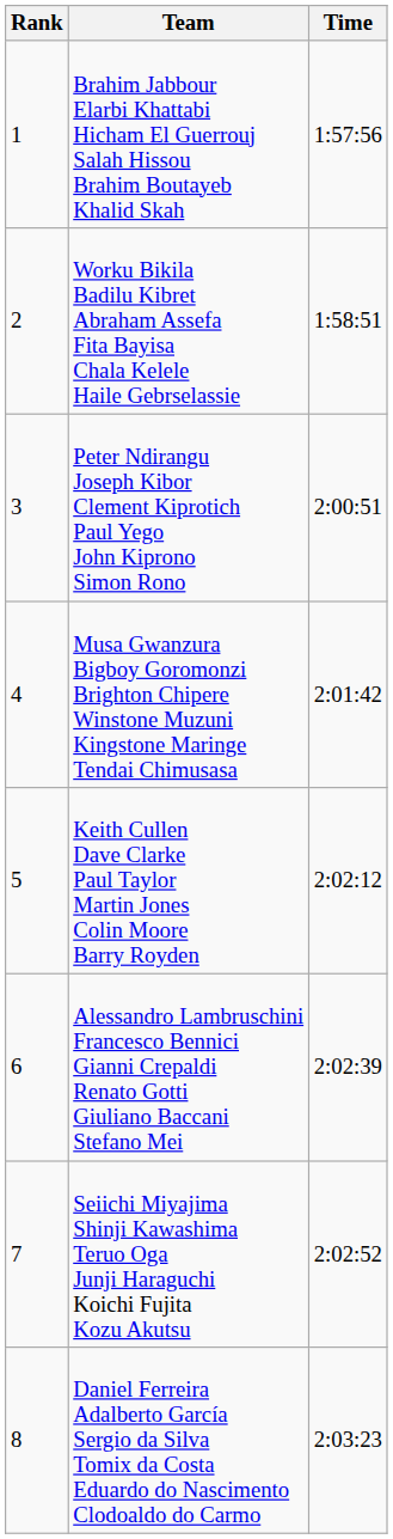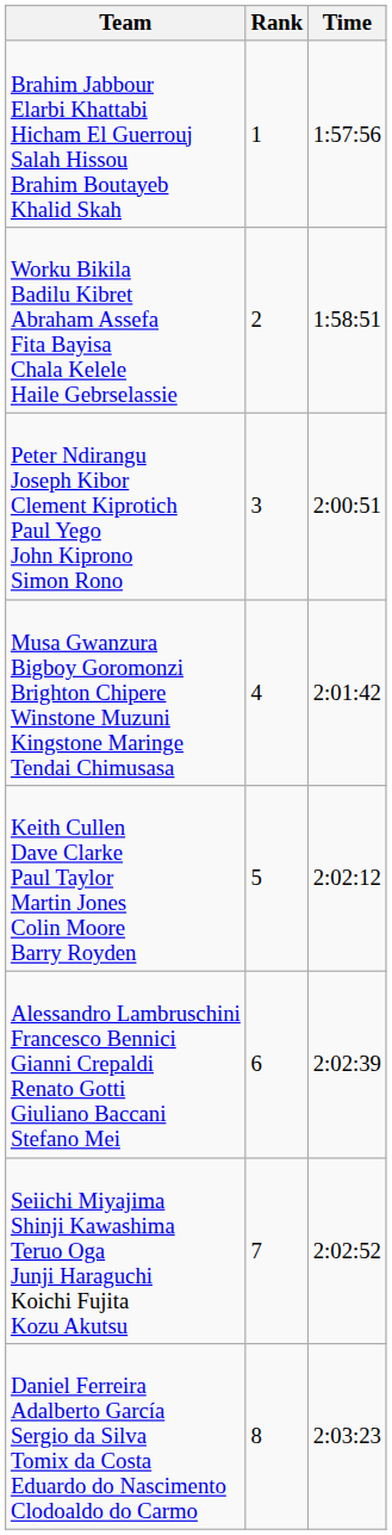 <table class=wikitable>
 <tr>
+<th>Team</th>
 <th>Rank</th>
-<th>Team</th>
 <th>Time</th>
 </tr>
 <tr>
+<td><br><a href='#'>Brahim Jabbour</a><br><a href='#'>Elarbi Khattabi</a><br><a href='#'>Hicham El Guerrouj</a><br><a href='#'>Salah Hissou</a><br><a href='#'>Brahim Boutayeb</a><br><a href='#'>Khalid Skah</a></td>
 <td>1</td>
-<td><br><a href='#'>Brahim Jabbour</a><br><a href='#'>Elarbi Khattabi</a><br><a href='#'>Hicham El Guerrouj</a><br><a href='#'>Salah Hissou</a><br><a href='#'>Brahim Boutayeb</a><br><a href='#'>Khalid Skah</a></td>
 <td>1:57:56</td>
 </tr>
 <tr>
+<td><br><a href='#'>Worku Bikila</a><br><a href='#'>Badilu Kibret</a><br><a href='#'>Abraham Assefa</a><br><a href='#'>Fita Bayisa</a><br><a href='#'>Chala Kelele</a><br><a href='#'>Haile Gebrselassie</a></td>
 <td>2</td>
-<td><br><a href='#'>Worku Bikila</a><br><a href='#'>Badilu Kibret</a><br><a href='#'>Abraham Assefa</a><br><a href='#'>Fita Bayisa</a><br><a href='#'>Chala Kelele</a><br><a href='#'>Haile Gebrselassie</a></td>
 <td>1:58:51</td>
 </tr>
 <tr>
+<td><br><a href='#'>Peter Ndirangu</a><br><a href='#'>Joseph Kibor</a><br><a href='#'>Clement Kiprotich</a><br><a href='#'>Paul Yego</a><br><a href='#'>John Kiprono</a><br><a href='#'>Simon Rono</a></td>
 <td>3</td>
-<td><br><a href='#'>Peter Ndirangu</a><br><a href='#'>Joseph Kibor</a><br><a href='#'>Clement Kiprotich</a><br><a href='#'>Paul Yego</a><br><a href='#'>John Kiprono</a><br><a href='#'>Simon Rono</a></td>
 <td>2:00:51</td>
 </tr>
 <tr>
+<td><br><a href='#'>Musa Gwanzura</a><br><a href='#'>Bigboy Goromonzi</a><br><a href='#'>Brighton Chipere</a><br><a href='#'>Winstone Muzuni</a><br><a href='#'>Kingstone Maringe</a><br><a href='#'>Tendai Chimusasa</a></td>
 <td>4</td>
-<td><br><a href='#'>Musa Gwanzura</a><br><a href='#'>Bigboy Goromonzi</a><br><a href='#'>Brighton Chipere</a><br><a href='#'>Winstone Muzuni</a><br><a href='#'>Kingstone Maringe</a><br><a href='#'>Tendai Chimusasa</a></td>
 <td>2:01:42</td>
 </tr>
 <tr>
+<td><br><a href='#'>Keith Cullen</a><br><a href='#'>Dave Clarke</a><br><a href='#'>Paul Taylor</a><br><a href='#'>Martin Jones</a><br><a href='#'>Colin Moore</a><br><a href='#'>Barry Royden</a></td>
 <td>5</td>
-<td><br><a href='#'>Keith Cullen</a><br><a href='#'>Dave Clarke</a><br><a href='#'>Paul Taylor</a><br><a href='#'>Martin Jones</a><br><a href='#'>Colin Moore</a><br><a href='#'>Barry Royden</a></td>
 <td>2:02:12</td>
 </tr>
 <tr>
+<td><br><a href='#'>Alessandro Lambruschini</a><br><a href='#'>Francesco Bennici</a><br><a href='#'>Gianni Crepaldi</a><br><a href='#'>Renato Gotti</a><br><a href='#'>Giuliano Baccani</a><br><a href='#'>Stefano Mei</a></td>
 <td>6</td>
-<td><br><a href='#'>Alessandro Lambruschini</a><br><a href='#'>Francesco Bennici</a><br><a href='#'>Gianni Crepaldi</a><br><a href='#'>Renato Gotti</a><br><a href='#'>Giuliano Baccani</a><br><a href='#'>Stefano Mei</a></td>
 <td>2:02:39</td>
 </tr>
 <tr>
+<td><br><a href='#'>Seiichi Miyajima</a><br><a href='#'>Shinji Kawashima</a><br><a href='#'>Teruo Oga</a><br><a href='#'>Junji Haraguchi</a><br>Koichi Fujita<br><a href='#'>Kozu Akutsu</a></td>
 <td>7</td>
-<td><br><a href='#'>Seiichi Miyajima</a><br><a href='#'>Shinji Kawashima</a><br><a href='#'>Teruo Oga</a><br><a href='#'>Junji Haraguchi</a><br>Koichi Fujita<br><a href='#'>Kozu Akutsu</a></td>
 <td>2:02:52</td>
 </tr>
 <tr>
+<td><br><a href='#'>Daniel Ferreira</a><br><a href='#'>Adalberto García</a><br><a href='#'>Sergio da Silva</a><br><a href='#'>Tomix da Costa</a><br><a href='#'>Eduardo do Nascimento</a><br><a href='#'>Clodoaldo do Carmo</a></td>
 <td>8</td>
-<td><br><a href='#'>Daniel Ferreira</a><br><a href='#'>Adalberto García</a><br><a href='#'>Sergio da Silva</a><br><a href='#'>Tomix da Costa</a><br><a href='#'>Eduardo do Nascimento</a><br><a href='#'>Clodoaldo do Carmo</a></td>
 <td>2:03:23</td>
 </tr>
 </table>
